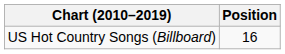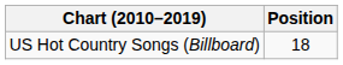 <table class="wikitable">
 <tr>
 <th>Chart (2010–2019)</th>
 <th>Position</th>
 </tr>
 <tr>
 <td>US Hot Country Songs (<em>Billboard</em>)</td>
-<td style="text-align:center;">16</td>
+<td style="text-align:center;">18</td>
 </tr>
 </table>
